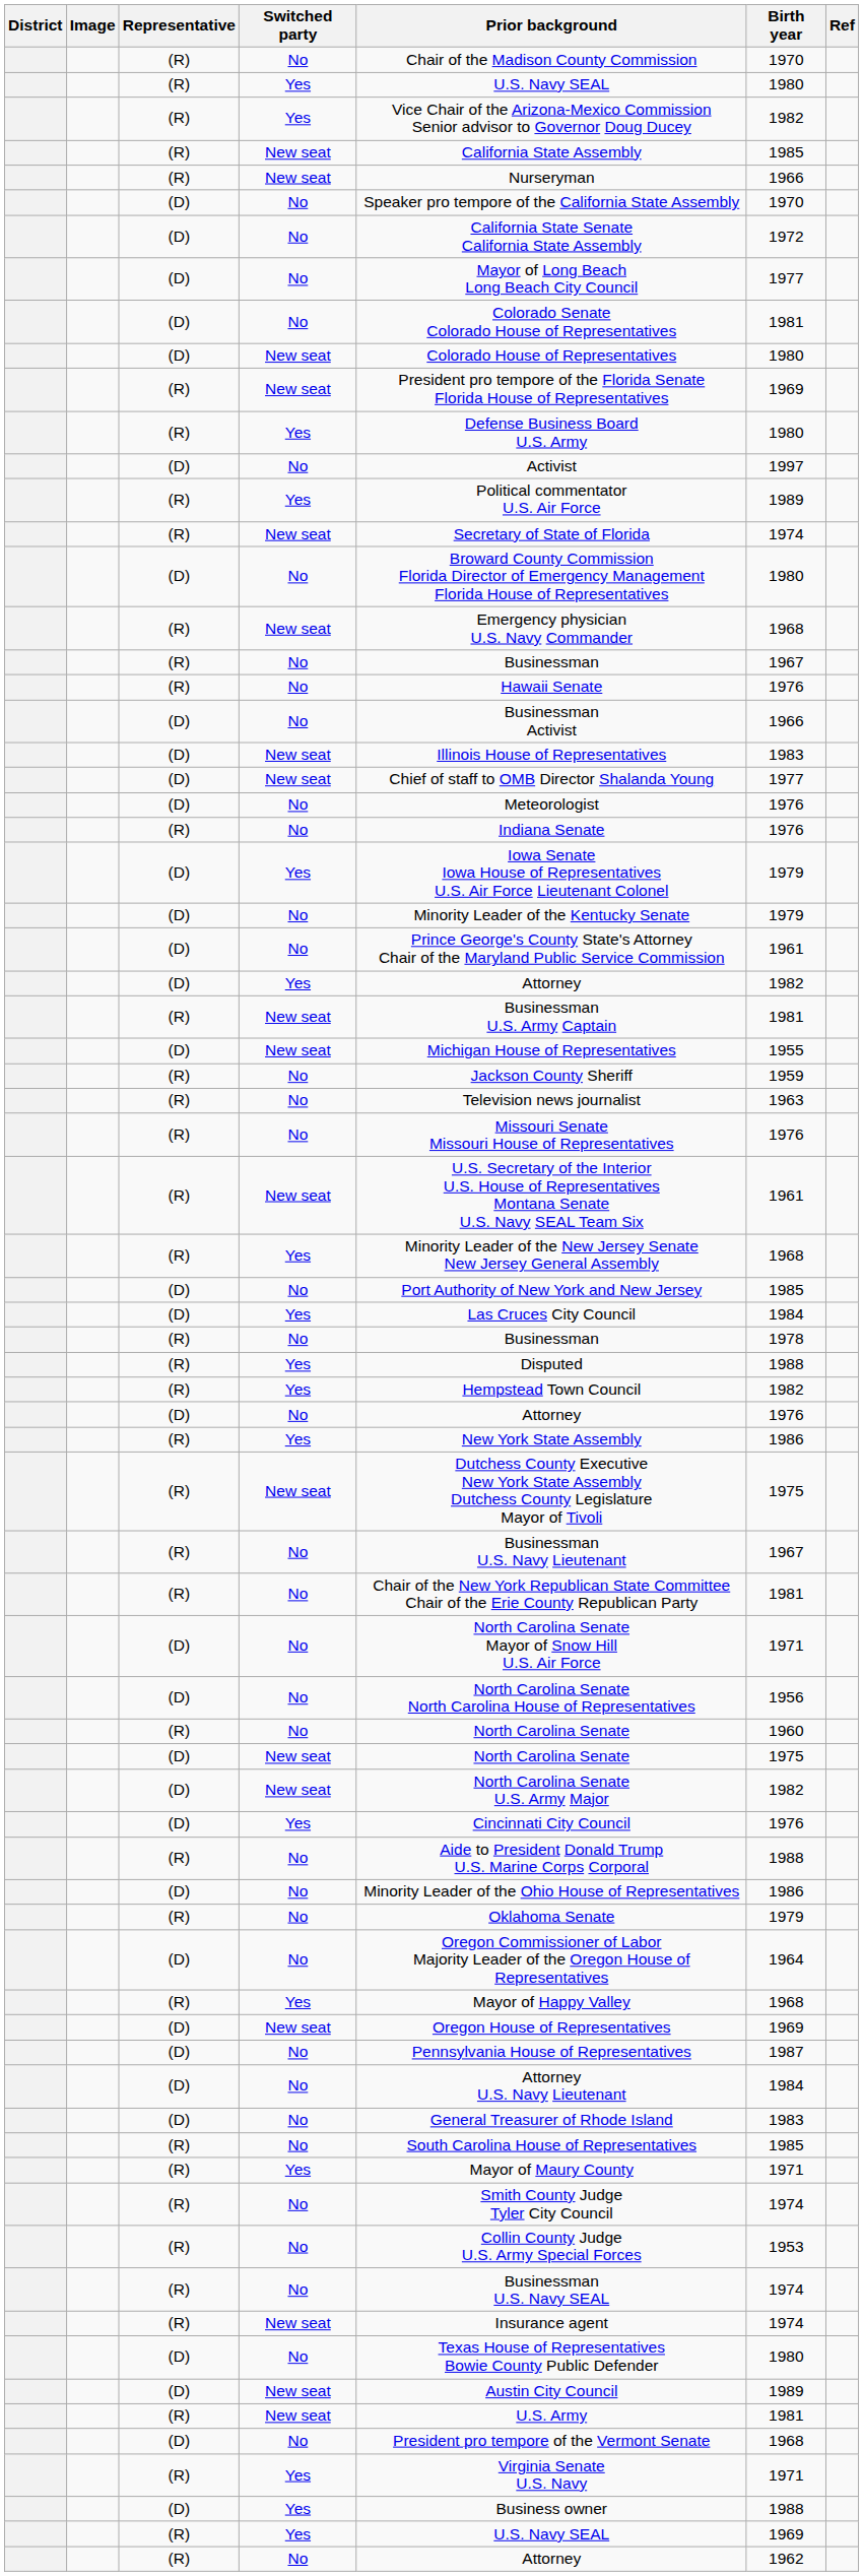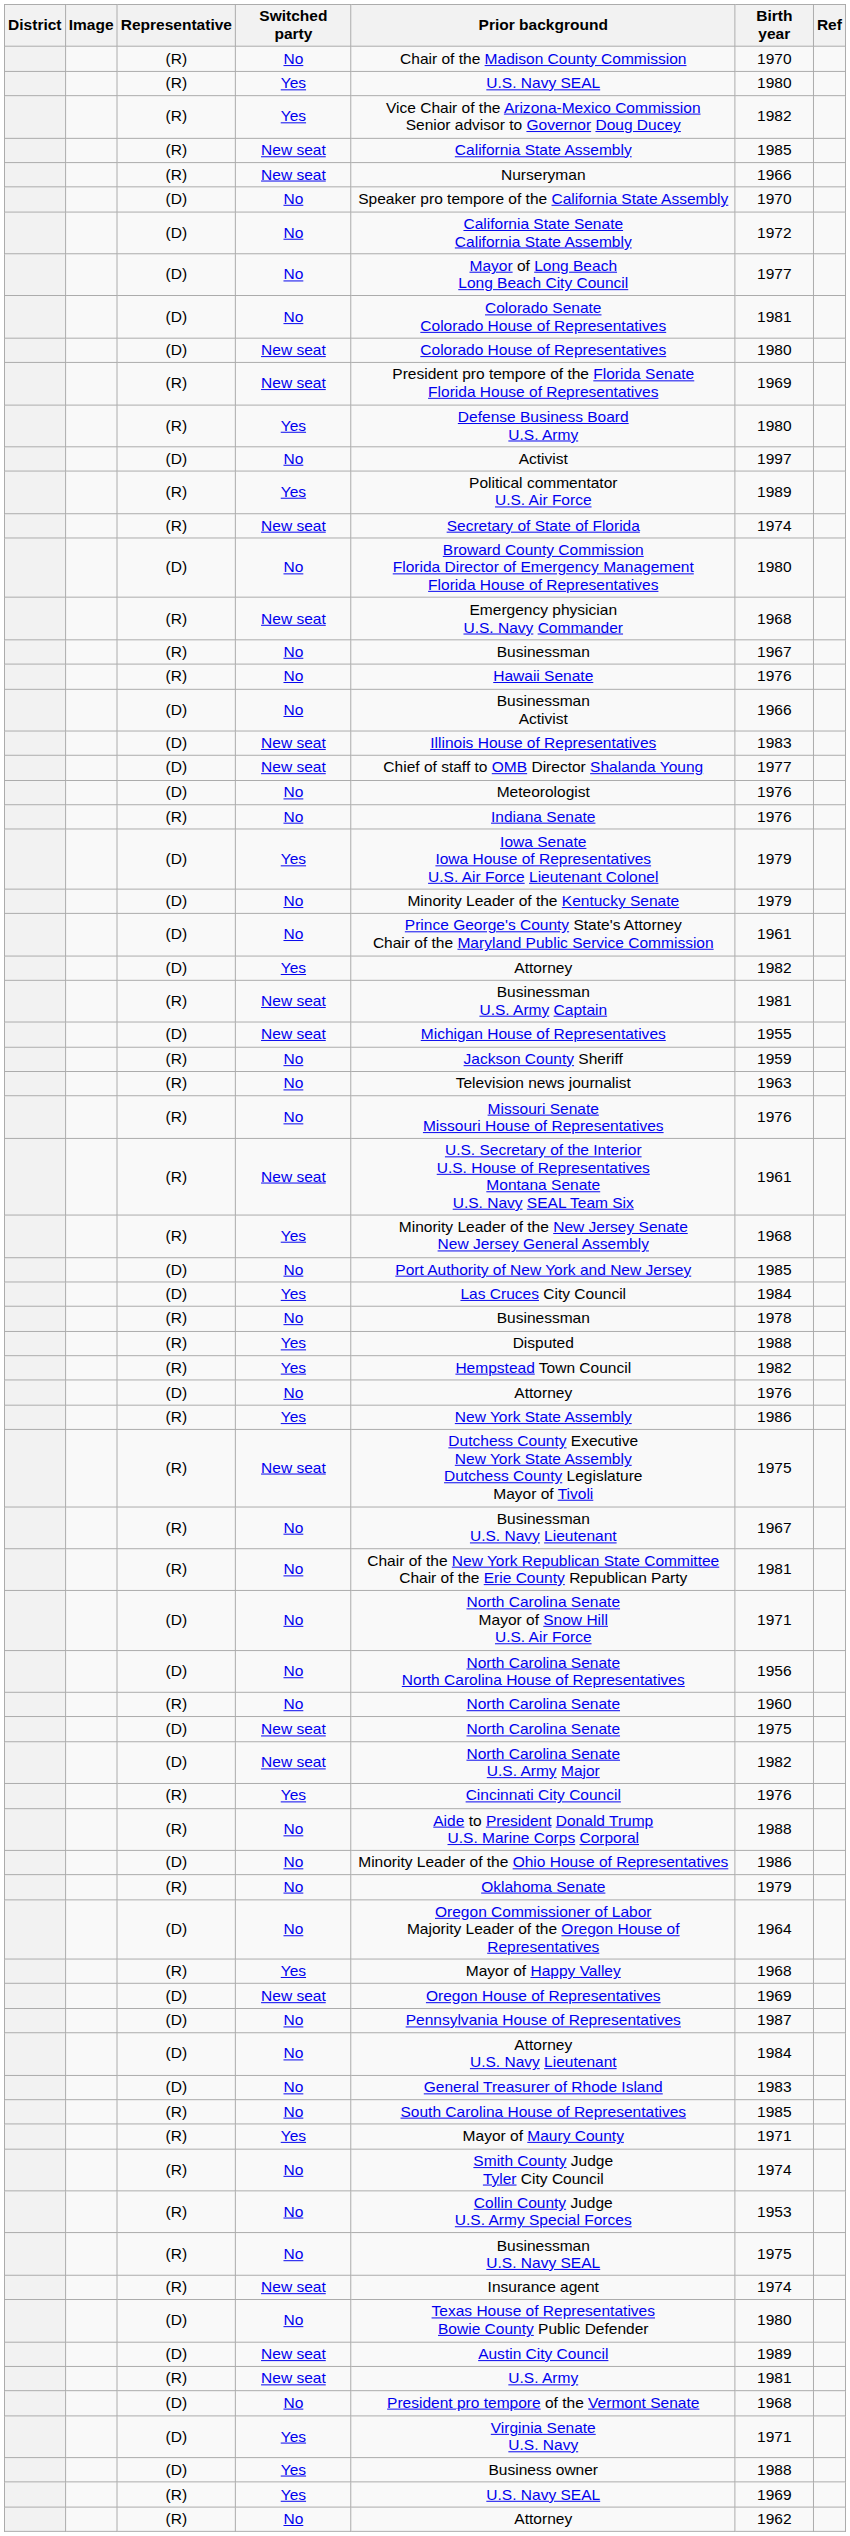 <table class="sortable wikitable" style="text-align:center">
 <tr>
 <th>District</th>
 <th>Image</th>
 <th>Representative</th>
 <th>Switched party</th>
 <th>Prior background</th>
 <th>Birth year</th>
 <th>Ref</th>
 </tr>
 <tr>
 <th></th>
 <td></td>
 <td> (R)</td>
 <td><a href='#'>No</a><br></td>
 <td>Chair of the <a href='#'>Madison County Commission</a></td>
 <td>1970</td>
 <td></td>
 </tr>
 <tr>
 <th></th>
 <td></td>
 <td> (R)</td>
 <td><a href='#'>Yes</a><br></td>
 <td><a href='#'>U.S. Navy SEAL</a></td>
 <td>1980</td>
 <td></td>
 </tr>
 <tr>
 <th></th>
 <td></td>
 <td> (R)</td>
 <td><a href='#'>Yes</a><br></td>
 <td>Vice Chair of the <a href='#'>Arizona-Mexico Commission</a><br>Senior advisor to <a href='#'>Governor</a> <a href='#'>Doug Ducey</a></td>
 <td>1982</td>
 <td></td>
 </tr>
 <tr>
 <th></th>
 <td></td>
 <td> (R)</td>
 <td><a href='#'>New seat</a></td>
 <td><a href='#'>California State Assembly</a></td>
 <td>1985</td>
 <td></td>
 </tr>
 <tr>
 <th></th>
 <td></td>
 <td> (R)</td>
 <td><a href='#'>New seat</a></td>
 <td>Nurseryman</td>
 <td>1966</td>
 <td></td>
 </tr>
 <tr>
 <th></th>
 <td></td>
 <td> (D)</td>
 <td><a href='#'>No</a><br></td>
 <td>Speaker pro tempore of the <a href='#'>California State Assembly</a></td>
 <td>1970</td>
 <td></td>
 </tr>
 <tr>
 <th></th>
 <td></td>
 <td> (D)</td>
 <td><a href='#'>No</a><br></td>
 <td><a href='#'>California State Senate</a><br><a href='#'>California State Assembly</a></td>
 <td>1972</td>
 <td></td>
 </tr>
 <tr>
 <th></th>
 <td></td>
 <td> (D)</td>
 <td><a href='#'>No</a><br></td>
 <td><a href='#'>Mayor</a> of <a href='#'>Long Beach</a><br><a href='#'>Long Beach City Council</a></td>
 <td>1977</td>
 <td></td>
 </tr>
 <tr>
 <th></th>
 <td></td>
 <td> (D)</td>
 <td><a href='#'>No</a><br></td>
 <td><a href='#'>Colorado Senate</a><br><a href='#'>Colorado House of Representatives</a></td>
 <td>1981</td>
 <td></td>
 </tr>
 <tr>
 <th></th>
 <td></td>
 <td> (D)</td>
 <td><a href='#'>New seat</a></td>
 <td><a href='#'>Colorado House of Representatives</a></td>
 <td>1980</td>
 <td></td>
 </tr>
 <tr>
 <th></th>
 <td></td>
 <td> (R)</td>
 <td><a href='#'>New seat</a></td>
 <td>President pro tempore of the <a href='#'>Florida Senate</a><br><a href='#'>Florida House of Representatives</a></td>
 <td>1969</td>
 <td></td>
 </tr>
 <tr>
 <th></th>
 <td></td>
 <td> (R)</td>
 <td><a href='#'>Yes</a><br></td>
 <td><a href='#'>Defense Business Board</a><br><a href='#'>U.S. Army</a></td>
 <td>1980</td>
 <td></td>
 </tr>
 <tr>
 <th></th>
 <td></td>
 <td> (D)</td>
 <td><a href='#'>No</a><br></td>
 <td>Activist</td>
 <td>1997</td>
 <td></td>
 </tr>
 <tr>
 <th></th>
 <td></td>
 <td> (R)</td>
 <td><a href='#'>Yes</a><br></td>
 <td>Political commentator<br><a href='#'>U.S. Air Force</a></td>
 <td>1989</td>
 <td></td>
 </tr>
 <tr>
 <th></th>
 <td></td>
 <td> (R)</td>
 <td><a href='#'>New seat</a></td>
 <td><a href='#'>Secretary of State of Florida</a></td>
 <td>1974</td>
 <td></td>
 </tr>
 <tr>
 <th></th>
 <td></td>
 <td> (D)</td>
 <td><a href='#'>No</a><br></td>
 <td><a href='#'>Broward County Commission</a><br><a href='#'>Florida Director of Emergency Management</a><br><a href='#'>Florida House of Representatives</a></td>
 <td>1980</td>
 <td></td>
 </tr>
 <tr>
 <th></th>
 <td></td>
 <td> (R)</td>
 <td><a href='#'>New seat</a></td>
 <td>Emergency physician<br><a href='#'>U.S. Navy</a> <a href='#'>Commander</a></td>
 <td>1968</td>
 <td></td>
 </tr>
 <tr>
 <th></th>
 <td></td>
 <td> (R)</td>
 <td><a href='#'>No</a><br></td>
 <td>Businessman</td>
 <td>1967</td>
 <td></td>
 </tr>
 <tr>
 <th></th>
 <td></td>
 <td> (R)</td>
 <td><a href='#'>No</a><br></td>
 <td><a href='#'>Hawaii Senate</a></td>
 <td>1976</td>
 <td></td>
 </tr>
 <tr>
 <th></th>
 <td></td>
 <td> (D)</td>
 <td><a href='#'>No</a><br></td>
 <td>Businessman<br>Activist</td>
 <td>1966</td>
 <td></td>
 </tr>
 <tr>
 <th></th>
 <td></td>
 <td> (D)</td>
 <td><a href='#'>New seat</a></td>
 <td><a href='#'>Illinois House of Representatives</a></td>
 <td>1983</td>
 <td></td>
 </tr>
 <tr>
 <th></th>
 <td></td>
 <td> (D)</td>
 <td><a href='#'>New seat</a></td>
 <td>Chief of staff to <a href='#'>OMB</a> Director <a href='#'>Shalanda Young</a></td>
 <td>1977</td>
 <td></td>
 </tr>
 <tr>
 <th></th>
 <td></td>
 <td> (D)</td>
 <td><a href='#'>No</a><br></td>
 <td>Meteorologist</td>
 <td>1976</td>
 <td></td>
 </tr>
 <tr>
 <th></th>
 <td></td>
 <td> (R)</td>
 <td><a href='#'>No</a><br></td>
 <td><a href='#'>Indiana Senate</a></td>
 <td>1976</td>
 <td></td>
 </tr>
 <tr>
 <th></th>
 <td></td>
 <td> (D)</td>
 <td><a href='#'>Yes</a><br></td>
 <td><a href='#'>Iowa Senate</a><br><a href='#'>Iowa House of Representatives</a><br><a href='#'>U.S. Air Force</a> <a href='#'>Lieutenant Colonel</a></td>
 <td>1979</td>
 <td></td>
 </tr>
 <tr>
 <th></th>
 <td></td>
 <td> (D)</td>
 <td><a href='#'>No</a><br></td>
 <td>Minority Leader of the <a href='#'>Kentucky Senate</a></td>
 <td>1979</td>
 <td></td>
 </tr>
 <tr>
 <th></th>
 <td></td>
 <td> (D)</td>
 <td><a href='#'>No</a><br></td>
 <td><a href='#'>Prince George's County</a> State's Attorney<br>Chair of the <a href='#'>Maryland Public Service Commission</a></td>
 <td>1961</td>
 <td></td>
 </tr>
 <tr>
 <th></th>
 <td></td>
 <td> (D)</td>
 <td><a href='#'>Yes</a><br></td>
 <td>Attorney</td>
 <td>1982</td>
 <td></td>
 </tr>
 <tr>
 <th></th>
 <td></td>
 <td> (R)</td>
 <td><a href='#'>New seat</a></td>
 <td>Businessman<br><a href='#'>U.S. Army</a> <a href='#'>Captain</a></td>
 <td>1981</td>
 <td></td>
 </tr>
 <tr>
 <th></th>
 <td></td>
 <td> (D)</td>
 <td><a href='#'>New seat</a></td>
 <td><a href='#'>Michigan House of Representatives</a></td>
 <td>1955</td>
 <td></td>
 </tr>
 <tr>
 <th></th>
 <td></td>
 <td> (R)</td>
 <td><a href='#'>No</a><br></td>
 <td><a href='#'>Jackson County</a> Sheriff</td>
 <td>1959</td>
 <td></td>
 </tr>
 <tr>
 <th></th>
 <td></td>
 <td> (R)</td>
 <td><a href='#'>No</a><br></td>
 <td>Television news journalist</td>
 <td>1963</td>
 <td></td>
 </tr>
 <tr>
 <th></th>
 <td></td>
 <td> (R)</td>
 <td><a href='#'>No</a><br></td>
 <td><a href='#'>Missouri Senate</a><br><a href='#'>Missouri House of Representatives</a></td>
 <td>1976</td>
 <td></td>
 </tr>
 <tr>
 <th></th>
 <td></td>
 <td> (R)</td>
 <td><a href='#'>New seat</a></td>
 <td><a href='#'>U.S. Secretary of the Interior</a><br><a href='#'>U.S. House of Representatives</a><br><a href='#'>Montana Senate</a><br><a href='#'>U.S. Navy</a> <a href='#'>SEAL Team Six</a></td>
 <td>1961</td>
 <td></td>
 </tr>
 <tr>
 <th></th>
 <td></td>
 <td> (R)</td>
 <td><a href='#'>Yes</a><br></td>
 <td>Minority Leader of the <a href='#'>New Jersey Senate</a><br><a href='#'>New Jersey General Assembly</a></td>
 <td>1968</td>
 <td></td>
 </tr>
 <tr>
 <th></th>
 <td></td>
 <td> (D)</td>
 <td><a href='#'>No</a><br></td>
 <td><a href='#'>Port Authority of New York and New Jersey</a></td>
 <td>1985</td>
 <td></td>
 </tr>
 <tr>
 <th></th>
 <td></td>
 <td> (D)</td>
 <td><a href='#'>Yes</a><br></td>
 <td><a href='#'>Las Cruces</a> City Council</td>
 <td>1984</td>
 <td></td>
 </tr>
 <tr>
 <th></th>
 <td></td>
 <td> (R)</td>
 <td><a href='#'>No</a><br></td>
 <td>Businessman</td>
 <td>1978</td>
 <td></td>
 </tr>
 <tr>
 <th></th>
 <td></td>
 <td> (R)</td>
 <td><a href='#'>Yes</a><br></td>
 <td>Disputed</td>
 <td>1988</td>
 <td></td>
 </tr>
 <tr>
 <th></th>
 <td></td>
 <td> (R)</td>
 <td><a href='#'>Yes</a><br></td>
 <td><a href='#'>Hempstead</a> Town Council</td>
 <td>1982</td>
 <td></td>
 </tr>
 <tr>
 <th></th>
 <td></td>
 <td> (D)</td>
 <td><a href='#'>No</a><br></td>
 <td>Attorney</td>
 <td>1976</td>
 <td></td>
 </tr>
 <tr>
 <th></th>
 <td></td>
 <td> (R)</td>
 <td><a href='#'>Yes</a><br></td>
 <td><a href='#'>New York State Assembly</a></td>
 <td>1986</td>
 <td></td>
 </tr>
 <tr>
 <th></th>
 <td></td>
 <td> (R)</td>
 <td><a href='#'>New seat</a></td>
 <td><a href='#'>Dutchess County</a> Executive<br><a href='#'>New York State Assembly</a><br><a href='#'>Dutchess County</a> Legislature<br>Mayor of <a href='#'>Tivoli</a></td>
 <td>1975</td>
 <td></td>
 </tr>
 <tr>
 <th></th>
 <td></td>
 <td> (R)</td>
 <td><a href='#'>No</a><br></td>
 <td>Businessman<br><a href='#'>U.S. Navy</a> <a href='#'>Lieutenant</a></td>
 <td>1967</td>
 <td></td>
 </tr>
 <tr>
 <th></th>
 <td></td>
 <td> (R)</td>
 <td><a href='#'>No</a><br></td>
 <td>Chair of the <a href='#'>New York Republican State Committee</a><br>Chair of the <a href='#'>Erie County</a> Republican Party</td>
 <td>1981</td>
 <td></td>
 </tr>
 <tr>
 <th></th>
 <td></td>
 <td> (D)</td>
 <td><a href='#'>No</a><br></td>
 <td><a href='#'>North Carolina Senate</a><br>Mayor of <a href='#'>Snow Hill</a><br><a href='#'>U.S. Air Force</a></td>
 <td>1971</td>
 <td></td>
 </tr>
 <tr>
 <th></th>
 <td></td>
 <td> (D)</td>
 <td><a href='#'>No</a><br></td>
 <td><a href='#'>North Carolina Senate</a><br><a href='#'>North Carolina House of Representatives</a></td>
 <td>1956</td>
 <td></td>
 </tr>
 <tr>
 <th></th>
 <td></td>
 <td> (R)</td>
 <td><a href='#'>No</a><br></td>
 <td><a href='#'>North Carolina Senate</a></td>
 <td>1960</td>
 <td></td>
 </tr>
 <tr>
 <th></th>
 <td></td>
 <td> (D)</td>
 <td><a href='#'>New seat</a></td>
 <td><a href='#'>North Carolina Senate</a></td>
 <td>1975</td>
 <td></td>
 </tr>
 <tr>
 <th></th>
 <td></td>
 <td> (D)</td>
 <td><a href='#'>New seat</a></td>
 <td><a href='#'>North Carolina Senate</a><br><a href='#'>U.S. Army</a> <a href='#'>Major</a></td>
 <td>1982</td>
 <td></td>
 </tr>
 <tr>
 <th></th>
 <td></td>
-<td> (D)</td>
+<td> (R)</td>
 <td><a href='#'>Yes</a><br></td>
 <td><a href='#'>Cincinnati City Council</a></td>
 <td>1976</td>
 <td></td>
 </tr>
 <tr>
 <th></th>
 <td></td>
 <td> (R)</td>
 <td><a href='#'>No</a><br></td>
 <td><a href='#'>Aide</a> to <a href='#'>President</a> <a href='#'>Donald Trump</a><br><a href='#'>U.S. Marine Corps</a> <a href='#'>Corporal</a></td>
 <td>1988</td>
 <td></td>
 </tr>
 <tr>
 <th></th>
 <td></td>
 <td> (D)</td>
 <td><a href='#'>No</a><br></td>
 <td>Minority Leader of the <a href='#'>Ohio House of Representatives</a></td>
 <td>1986</td>
 <td></td>
 </tr>
 <tr>
 <th></th>
 <td></td>
 <td> (R)</td>
 <td><a href='#'>No</a><br></td>
 <td><a href='#'>Oklahoma Senate</a></td>
 <td>1979</td>
 <td></td>
 </tr>
 <tr>
 <th></th>
 <td></td>
 <td> (D)</td>
 <td><a href='#'>No</a><br></td>
 <td><a href='#'>Oregon Commissioner of Labor</a><br>Majority Leader of the <a href='#'>Oregon House of Representatives</a></td>
 <td>1964</td>
 <td></td>
 </tr>
 <tr>
 <th></th>
 <td></td>
 <td> (R)</td>
 <td><a href='#'>Yes</a><br></td>
 <td>Mayor of <a href='#'>Happy Valley</a></td>
 <td>1968</td>
 <td></td>
 </tr>
 <tr>
 <th></th>
 <td></td>
 <td> (D)</td>
 <td><a href='#'>New seat</a></td>
 <td><a href='#'>Oregon House of Representatives</a></td>
 <td>1969</td>
 <td></td>
 </tr>
 <tr>
 <th></th>
 <td></td>
 <td> (D)</td>
 <td><a href='#'>No</a><br></td>
 <td><a href='#'>Pennsylvania House of Representatives</a></td>
 <td>1987</td>
 <td></td>
 </tr>
 <tr>
 <th></th>
 <td></td>
 <td> (D)</td>
 <td><a href='#'>No</a><br></td>
 <td>Attorney<br><a href='#'>U.S. Navy</a> <a href='#'>Lieutenant</a></td>
 <td>1984</td>
 <td></td>
 </tr>
 <tr>
 <th></th>
 <td></td>
 <td> (D)</td>
 <td><a href='#'>No</a><br></td>
 <td><a href='#'>General Treasurer of Rhode Island</a></td>
 <td>1983</td>
 <td></td>
 </tr>
 <tr>
 <th></th>
 <td></td>
 <td> (R)</td>
 <td><a href='#'>No</a><br></td>
 <td><a href='#'>South Carolina House of Representatives</a></td>
 <td>1985</td>
 <td></td>
 </tr>
 <tr>
 <th></th>
 <td></td>
 <td> (R)</td>
 <td><a href='#'>Yes</a><br></td>
 <td>Mayor of <a href='#'>Maury County</a></td>
 <td>1971</td>
 <td></td>
 </tr>
 <tr>
 <th></th>
 <td></td>
 <td> (R)</td>
 <td><a href='#'>No</a><br></td>
 <td><a href='#'>Smith County</a> Judge<br><a href='#'>Tyler</a> City Council</td>
 <td>1974</td>
 <td></td>
 </tr>
 <tr>
 <th></th>
 <td></td>
 <td> (R)</td>
 <td><a href='#'>No</a><br></td>
 <td><a href='#'>Collin County</a> Judge<br><a href='#'>U.S. Army Special Forces</a></td>
 <td>1953</td>
 <td></td>
 </tr>
 <tr>
 <th></th>
 <td></td>
 <td> (R)</td>
 <td><a href='#'>No</a><br></td>
 <td>Businessman<br><a href='#'>U.S. Navy SEAL</a></td>
-<td>1974</td>
+<td>1975</td>
 <td></td>
 </tr>
 <tr>
 <th></th>
 <td></td>
 <td> (R)</td>
 <td><a href='#'>New seat</a></td>
 <td>Insurance agent</td>
 <td>1974</td>
 <td></td>
 </tr>
 <tr>
 <th></th>
 <td></td>
 <td> (D)</td>
 <td><a href='#'>No</a><br></td>
 <td><a href='#'>Texas House of Representatives</a><br><a href='#'>Bowie County</a> Public Defender</td>
 <td>1980</td>
 <td></td>
 </tr>
 <tr>
 <th></th>
 <td></td>
 <td> (D)</td>
 <td><a href='#'>New seat</a></td>
 <td><a href='#'>Austin City Council</a></td>
 <td>1989</td>
 <td></td>
 </tr>
 <tr>
 <th></th>
 <td></td>
 <td> (R)</td>
 <td><a href='#'>New seat</a></td>
 <td><a href='#'>U.S. Army</a></td>
 <td>1981</td>
 <td></td>
 </tr>
 <tr>
 <th></th>
 <td></td>
 <td> (D)</td>
 <td><a href='#'>No</a><br></td>
 <td><a href='#'>President pro tempore</a> of the <a href='#'>Vermont Senate</a></td>
 <td>1968</td>
 <td></td>
 </tr>
 <tr>
 <th></th>
 <td></td>
-<td> (R)</td>
+<td> (D)</td>
 <td><a href='#'>Yes</a><br></td>
 <td><a href='#'>Virginia Senate</a><br><a href='#'>U.S. Navy</a></td>
 <td>1971</td>
 <td></td>
 </tr>
 <tr>
 <th></th>
 <td></td>
 <td> (D)</td>
 <td><a href='#'>Yes</a><br></td>
 <td>Business owner</td>
 <td>1988</td>
 <td></td>
 </tr>
 <tr>
 <th></th>
 <td></td>
 <td> (R)</td>
 <td><a href='#'>Yes</a><br></td>
 <td><a href='#'>U.S. Navy SEAL</a></td>
 <td>1969</td>
 <td></td>
 </tr>
 <tr>
 <th></th>
 <td></td>
 <td> (R)</td>
 <td><a href='#'>No</a><br></td>
 <td>Attorney</td>
 <td>1962</td>
 <td></td>
 </tr>
 </table>
